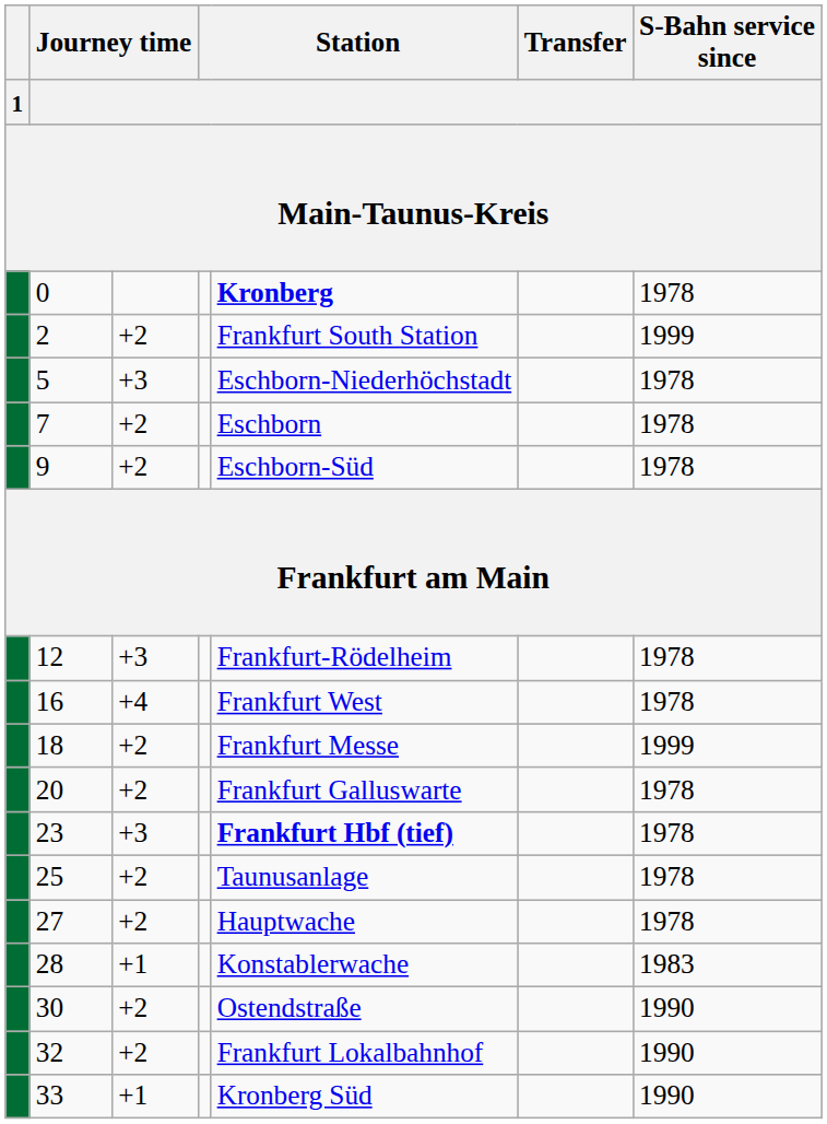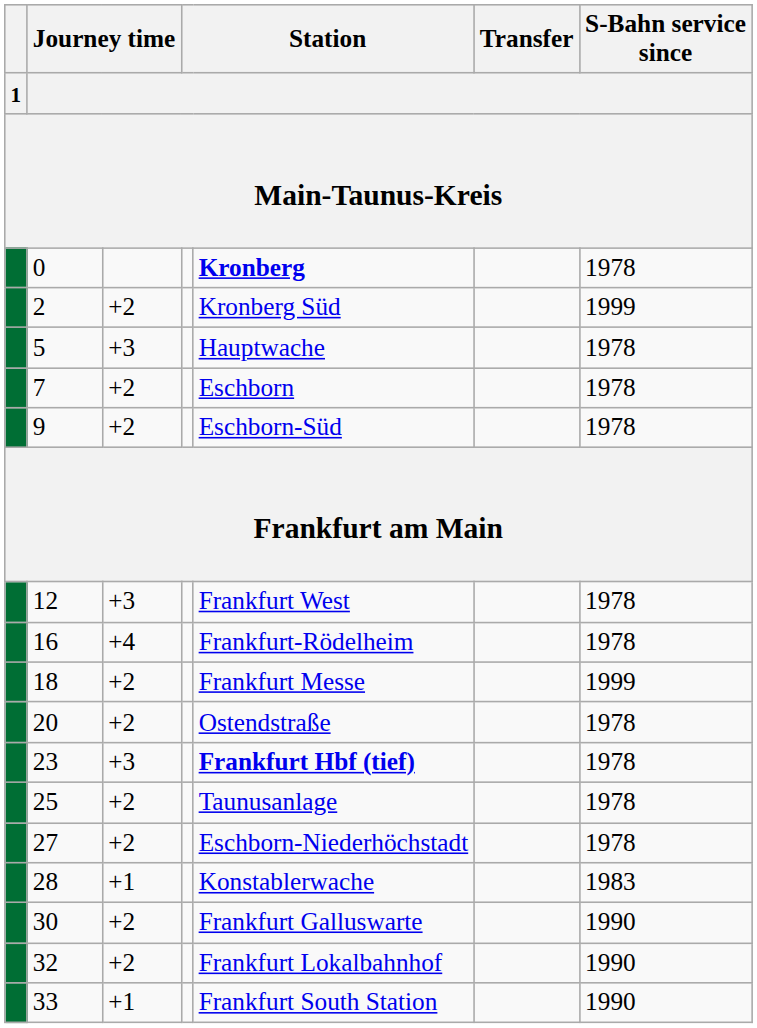 <table class="wikitable" summary="Stations of the S4 service">
 <tr>
 <th colspan="1" align="center" scope="col"></th>
 <th colspan="2">Journey time</th>
 <th colspan="2" scope="col">Station</th>
 <th scope="col">Transfer</th>
 <th scope="col">S-Bahn service<br>since</th>
 </tr>
 <tr>
 <th><small>1</small></th>
 <th colspan="6"></th>
 </tr>
 <tr>
 <th colspan="13" align="center" class="hintergrundfarbe5"><br><h3>Main-Taunus-Kreis</h3></th>
 </tr>
 <tr>
 <td style="background-color:#006e34"></td>
 <td>0</td>
 <td></td>
 <td></td>
 <td><strong><a href='#'>Kronberg</a></strong></td>
 <td></td>
 <td>1978</td>
 </tr>
 <tr>
 <td style="background-color:#006e34"></td>
 <td>2</td>
 <td>+2</td>
 <td></td>
-<td><a href='#'>Frankfurt South Station</a></td>
+<td><a href='#'>Kronberg Süd</a></td>
 <td></td>
 <td>1999</td>
 </tr>
 <tr>
 <td style="background-color:#006e34"></td>
 <td>5</td>
 <td>+3</td>
 <td></td>
-<td><a href='#'>Eschborn-Niederhöchstadt</a></td>
+<td><a href='#'>Hauptwache</a></td>
 <td></td>
 <td>1978</td>
 </tr>
 <tr>
 <td style="background-color:#006e34"></td>
 <td>7</td>
 <td>+2</td>
 <td></td>
 <td><a href='#'>Eschborn</a></td>
 <td></td>
 <td>1978</td>
 </tr>
 <tr>
 <td style="background-color:#006e34"></td>
 <td>9</td>
 <td>+2</td>
 <td></td>
 <td><a href='#'>Eschborn-Süd</a></td>
 <td></td>
 <td>1978</td>
 </tr>
 <tr>
 <th colspan="13" align="center" class="hintergrundfarbe5"><br><h3>Frankfurt am Main</h3></th>
 </tr>
 <tr>
 <td style="background-color:#006e34"></td>
 <td>12</td>
 <td>+3</td>
 <td></td>
-<td><a href='#'>Frankfurt-Rödelheim</a></td>
+<td><a href='#'>Frankfurt West</a></td>
 <td> </td>
 <td>1978</td>
 </tr>
 <tr>
 <td style="background-color:#006e34"></td>
 <td>16</td>
 <td>+4</td>
 <td></td>
-<td><a href='#'>Frankfurt West</a></td>
+<td><a href='#'>Frankfurt-Rödelheim</a></td>
 <td>  </td>
 <td>1978</td>
 </tr>
 <tr>
 <td style="background-color:#006e34"></td>
 <td>18</td>
 <td>+2</td>
 <td></td>
 <td><a href='#'>Frankfurt Messe</a></td>
 <td>  </td>
 <td>1999</td>
 </tr>
 <tr>
 <td style="background-color:#006e34"></td>
 <td>20</td>
 <td>+2</td>
 <td></td>
-<td><a href='#'>Frankfurt Galluswarte</a></td>
+<td><a href='#'>Ostendstraße</a></td>
 <td>  </td>
 <td>1978</td>
 </tr>
 <tr>
 <td style="background-color:#006e34"></td>
 <td>23</td>
 <td>+3</td>
 <td></td>
 <td><strong><a href='#'>Frankfurt Hbf (tief)</a></strong></td>
 <td>         </td>
 <td>1978</td>
 </tr>
 <tr>
 <td style="background-color:#006e34"></td>
 <td>25</td>
 <td>+2</td>
 <td></td>
 <td><a href='#'>Taunusanlage</a></td>
 <td>      </td>
 <td>1978</td>
 </tr>
 <tr>
 <td style="background-color:#006e34"></td>
 <td>27</td>
 <td>+2</td>
 <td></td>
-<td><a href='#'>Hauptwache</a></td>
+<td><a href='#'>Eschborn-Niederhöchstadt</a></td>
 <td>            </td>
 <td>1978</td>
 </tr>
 <tr>
 <td style="background-color:#006e34"></td>
 <td>28</td>
 <td>+1</td>
 <td></td>
 <td><a href='#'>Konstablerwache</a></td>
 <td>          </td>
 <td>1983</td>
 </tr>
 <tr>
 <td style="background-color:#006e34"></td>
 <td>30</td>
 <td>+2</td>
 <td></td>
-<td><a href='#'>Ostendstraße</a></td>
+<td><a href='#'>Frankfurt Galluswarte</a></td>
 <td>      </td>
 <td>1990</td>
 </tr>
 <tr>
 <td style="background-color:#006e34"></td>
 <td>32</td>
 <td>+2</td>
 <td></td>
 <td><a href='#'>Frankfurt Lokalbahnhof</a></td>
 <td>  </td>
 <td>1990</td>
 </tr>
 <tr>
 <td style="background-color:#006e34"></td>
 <td>33</td>
 <td>+1</td>
 <td></td>
-<td><a href='#'>Kronberg Süd</a></td>
+<td><a href='#'>Frankfurt South Station</a></td>
 <td>      </td>
 <td>1990</td>
 </tr>
 </table>
